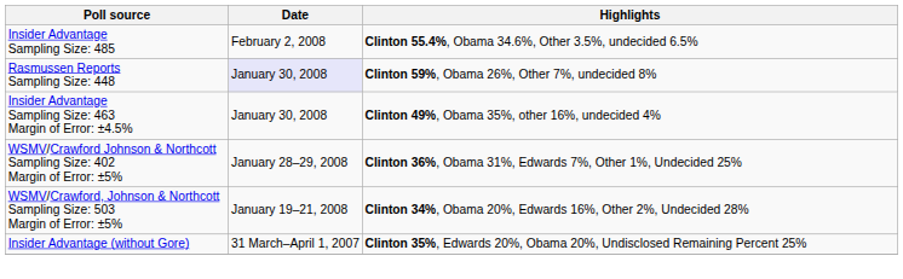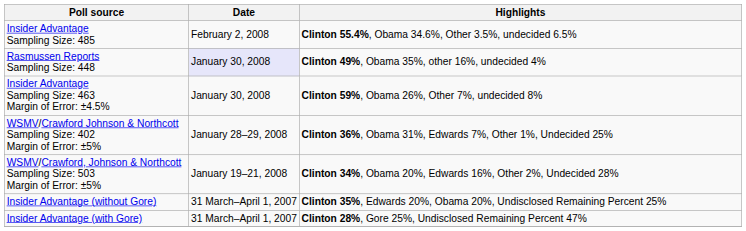 <table class="wikitable sortable">
 <tr>
 <th width="25%">Poll source</th>
 <th width="15%">Date</th>
 <th width="60%">Highlights</th>
 </tr>
 <tr>
 <td><a href='#'>Insider Advantage</a><br>Sampling Size: 485<br></td>
 <td>February 2, 2008</td>
 <td><strong>Clinton 55.4%</strong>, Obama 34.6%, Other 3.5%, undecided 6.5%</td>
 </tr>
 <tr>
 <td><a href='#'>Rasmussen Reports</a><br>Sampling Size: 448<br></td>
 <td style="background: lavender;">January 30, 2008</td>
-<td><strong>Clinton 59%</strong>, Obama 26%, Other 7%, undecided 8%</td>
+<td><strong>Clinton 49%</strong>, Obama 35%, other 16%, undecided 4%</td>
 </tr>
 <tr>
 <td><a href='#'>Insider Advantage</a><br>Sampling Size: 463<br> Margin of Error: ±4.5%</td>
 <td>January 30, 2008</td>
-<td><strong>Clinton 49%</strong>, Obama 35%, other 16%, undecided 4%</td>
+<td><strong>Clinton 59%</strong>, Obama 26%, Other 7%, undecided 8%</td>
 </tr>
 <tr>
 <td><a href='#'>WSMV</a>/<a href='#'>Crawford Johnson & Northcott</a><br>Sampling Size: 402<br> Margin of Error: ±5%</td>
 <td>January 28–29, 2008</td>
 <td><strong>Clinton 36%</strong>, Obama 31%, Edwards 7%, Other 1%, Undecided 25%</td>
 </tr>
 <tr>
 <td><a href='#'>WSMV</a>/<a href='#'>Crawford, Johnson & Northcott</a><br>Sampling Size: 503<br> Margin of Error: ±5%</td>
 <td>January 19–21, 2008</td>
 <td><strong>Clinton 34%</strong>, Obama 20%, Edwards 16%, Other 2%, Undecided 28%</td>
 </tr>
 <tr>
 <td><a href='#'>Insider Advantage (without Gore)</a></td>
 <td>31 March–April 1, 2007</td>
 <td><strong>Clinton 35%</strong>, Edwards 20%, Obama 20%, Undisclosed Remaining Percent 25%</td>
 </tr>
 <tr>
+<td><a href='#'>Insider Advantage (with Gore)</a></td>
+<td>31 March–April 1, 2007</td>
+<td><strong>Clinton 28%</strong>, Gore 25%, Undisclosed Remaining Percent 47%</td>
+</tr>
+<tr>
 </tr>
 </table>
